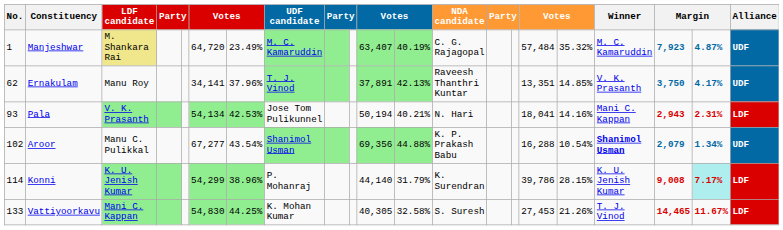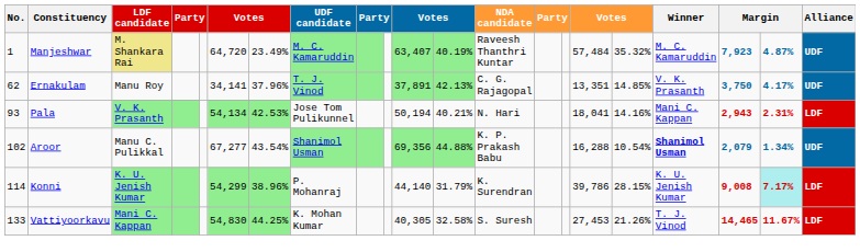 <table class="sortable wikitable" style="font-size: 95%;">
 <tr>
 <th>No.</th>
 <th>Constituency</th>
 <th scope="col" class="unsortable" style="background:#DB0000; color:white;">LDF candidate</th>
 <th colspan="2" style="background:#DB0000; color:white;">Party</th>
 <th colspan="2" style="background:#DB0000; color:white;">Votes</th>
 <th scope="col" class="unsortable" style="background:#0269A4; color:white;">UDF candidate</th>
 <th colspan="2" style="background:#0269A4; color:white;">Party</th>
 <th colspan="2" style="background:#0269A4; color:white;">Votes</th>
 <th scope="col" class="unsortable" style="background:#FF9933; color:white;">NDA candidate</th>
 <th colspan="2" style="background:#FF9933; color:white;">Party</th>
 <th colspan="2" style="background:#FF9933; color:white;">Votes</th>
 <th>Winner</th>
 <th colspan="2">Margin</th>
 <th>Alliance</th>
 </tr>
 <tr>
 <td>1</td>
 <td><a href='#'>Manjeshwar</a></td>
 <td style="background: khaki;">M. Shankara Rai</td>
 <td></td>
 <td width="4px" style="background-color: "></td>
 <td>64,720</td>
 <td>23.49%</td>
 <td style="background-color:lightgreen"><a href='#'>M. C. Kamaruddin</a></td>
 <td style="background-color:lightgreen"></td>
 <td width="4px" style="background-color: "></td>
 <td style="background-color:lightgreen">63,407</td>
 <td style="background-color:lightgreen">40.19%</td>
-<td>C. G. Rajagopal</td>
+<td>Raveesh Thanthri Kuntar</td>
 <td></td>
 <td width="4px" style="background-color: "></td>
 <td>57,484</td>
 <td>35.32%</td>
 <td><a href='#'>M. C. Kamaruddin</a></td>
 <td style="color:#0269A4;"><strong>7,923</strong></td>
 <td style="color:#0269A4;"><strong>4.87%</strong></td>
 <td style="background:#0269A4; color:white;"><strong>UDF</strong></td>
 </tr>
 <tr>
 <td>62</td>
 <td><a href='#'>Ernakulam</a></td>
 <td>Manu Roy</td>
 <td></td>
 <td width="4px" style="background-color: "></td>
 <td>34,141</td>
 <td>37.96%</td>
 <td style="background-color:lightgreen"><a href='#'>T. J. Vinod</a></td>
 <td style="background-color:lightgreen"></td>
 <td width="4px" style="background-color: "></td>
 <td style="background-color:lightgreen">37,891</td>
 <td style="background-color:lightgreen">42.13%</td>
-<td>Raveesh Thanthri Kuntar</td>
+<td>C. G. Rajagopal</td>
 <td></td>
 <td width="4px" style="background-color: "></td>
 <td>13,351</td>
 <td>14.85%</td>
 <td><a href='#'>V. K. Prasanth</a></td>
 <td style="color:#0269A4;"><strong>3,750</strong></td>
 <td style="color:#0269A4;"><strong>4.17%</strong></td>
 <td style="background:#0269A4; color:white;"><strong>UDF</strong></td>
 </tr>
 <tr>
 <td>93</td>
 <td><a href='#'>Pala</a></td>
 <td style="background-color:lightgreen"><a href='#'>V. K. Prasanth</a></td>
 <td style="background-color:lightgreen"></td>
 <td width="4px" style="background-color: "></td>
 <td style="background-color:lightgreen">54,134</td>
 <td style="background-color:lightgreen">42.53%</td>
 <td>Jose Tom Pulikunnel</td>
 <td></td>
 <td width="4px" style="background-color: "></td>
 <td>50,194</td>
 <td>40.21%</td>
 <td>N. Hari</td>
 <td></td>
 <td width="4px" style="background-color: "></td>
 <td>18,041</td>
 <td>14.16%</td>
 <td><a href='#'>Mani C. Kappan</a></td>
 <td style="color:#DB0000;"><strong>2,943</strong></td>
 <td style="color:#DB0000;"><strong>2.31%</strong></td>
 <td style="background:#DB0000; color:white;"><strong>LDF</strong></td>
 </tr>
 <tr>
 <td>102</td>
 <td><a href='#'>Aroor</a></td>
 <td>Manu C. Pulikkal</td>
 <td></td>
 <td width="4px" style="background-color: "></td>
 <td>67,277</td>
 <td>43.54%</td>
 <td style="background-color:lightgreen"><a href='#'>Shanimol Usman</a></td>
 <td style="background-color:lightgreen"></td>
 <td width="4px" style="background-color: "></td>
 <td style="background-color:lightgreen">69,356</td>
 <td style="background-color:lightgreen">44.88%</td>
 <td>K. P. Prakash Babu</td>
 <td></td>
 <td width="4px" style="background-color: "></td>
 <td>16,288</td>
 <td>10.54%</td>
 <td><strong><a href='#'>Shanimol Usman</a></strong></td>
 <td style="color:#0269A4;"><strong>2,079</strong></td>
 <td style="color:#0269A4;"><strong>1.34%</strong></td>
 <td style="background:#0269A4; color:white;"><strong>UDF</strong></td>
 </tr>
 <tr>
 <td>114</td>
 <td><a href='#'>Konni</a></td>
 <td style="background-color:lightgreen"><a href='#'>K. U. Jenish Kumar</a></td>
 <td style="background-color:lightgreen"></td>
 <td width="4px" style="background-color: "></td>
 <td style="background-color:lightgreen">54,299</td>
 <td style="background-color:lightgreen">38.96%</td>
 <td>P. Mohanraj</td>
 <td></td>
 <td width="4px" style="background-color: "></td>
 <td>44,140</td>
 <td>31.79%</td>
 <td>K. Surendran</td>
 <td></td>
 <td width="4px" style="background-color: "></td>
 <td>39,786</td>
 <td>28.15%</td>
 <td><a href='#'>K. U. Jenish Kumar</a></td>
 <td style="color:#DB0000;"><strong>9,008</strong></td>
 <td style="background: paleturquoise; color:#DB0000;"><strong>7.17%</strong></td>
 <td style="background:#DB0000; color:white;"><strong>LDF</strong></td>
 </tr>
 <tr>
 <td>133</td>
 <td><a href='#'>Vattiyoorkavu</a></td>
 <td style="background-color:lightgreen"><a href='#'>Mani C. Kappan</a></td>
 <td style="background-color:lightgreen"></td>
 <td width="4px" style="background-color: "></td>
 <td style="background-color:lightgreen">54,830</td>
 <td style="background-color:lightgreen">44.25%</td>
 <td>K. Mohan Kumar</td>
 <td></td>
 <td width="4px" style="background-color: "></td>
 <td>40,305</td>
 <td>32.58%</td>
 <td>S. Suresh</td>
 <td></td>
 <td width="4px" style="background-color: "></td>
 <td>27,453</td>
 <td>21.26%</td>
 <td><a href='#'>T. J. Vinod</a></td>
 <td style="color:#DB0000;"><strong>14,465</strong></td>
 <td style="color:#DB0000;"><strong>11.67%</strong></td>
 <td style="background:#DB0000; color:white;"><strong>LDF</strong></td>
 </tr>
 </table>
